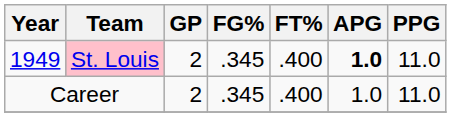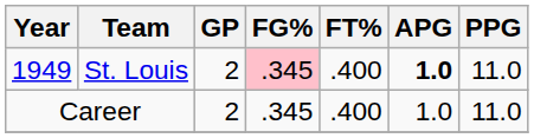 <table class="wikitable sortable" style="font-size:95%; text-align:right;">
 <tr>
 <th>Year</th>
 <th>Team</th>
 <th>GP</th>
 <th>FG%</th>
 <th>FT%</th>
 <th>APG</th>
 <th>PPG</th>
 </tr>
 <tr>
 <td style="text-align:left;"><a href='#'>1949</a></td>
-<td style="background: pink; text-align:left;"><a href='#'>St. Louis</a></td>
+<td style="text-align:left;"><a href='#'>St. Louis</a></td>
 <td>2</td>
-<td>.345</td>
+<td style="background: pink;">.345</td>
 <td>.400</td>
 <td><strong>1.0</strong></td>
 <td>11.0</td>
 </tr>
 <tr>
 <td style="text-align:center;" colspan="2">Career</td>
 <td>2</td>
 <td>.345</td>
 <td>.400</td>
 <td>1.0</td>
 <td>11.0</td>
 </tr>
 <tr>
 </tr>
 </table>
